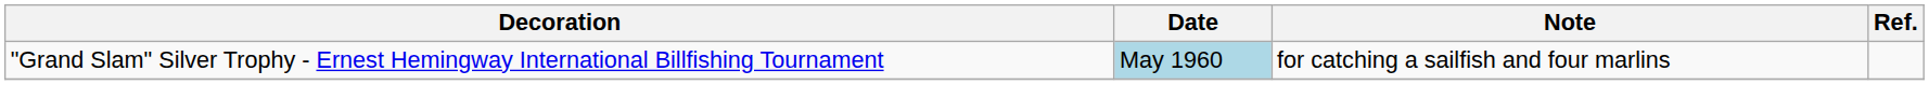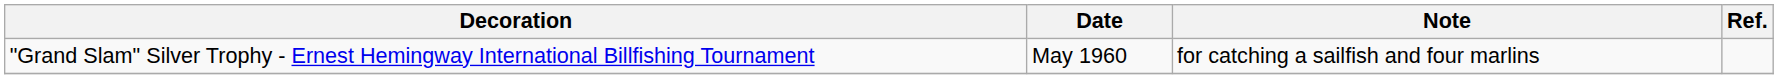 <table class="wikitable" style="text-align:left;">
 <tr ->
 <th colspan=1 width="750px">Decoration</th>
 <th width="100px">Date</th>
 <th width="400px">Note</th>
 <th>Ref.</th>
 </tr>
 <tr>
 <td>"Grand Slam" Silver Trophy - <a href='#'>Ernest Hemingway International Billfishing Tournament</a></td>
-<td style="background: lightblue;">May 1960</td>
+<td>May 1960</td>
 <td>for catching a sailfish and four marlins</td>
 <td></td>
 </tr>
 <tr>
 </tr>
 </table>
